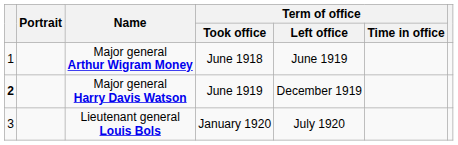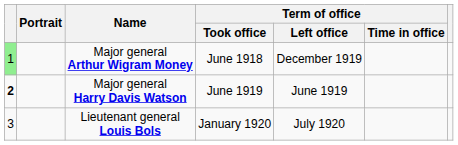 <table class="wikitable" style="text-align:center">
 <tr>
 <th rowspan=2></th>
 <th rowspan=2>Portrait</th>
 <th rowspan=2>Name<br></th>
 <th colspan=3>Term of office</th>
 <th rowspan=2></th>
 </tr>
 <tr>
 <th>Took office</th>
 <th>Left office</th>
 <th>Time in office</th>
 </tr>
 <tr>
-<td>1</td>
+<td style="background: lightgreen;">1</td>
 <td></td>
 <td>Major general<br><strong><a href='#'>Arthur Wigram Money</a></strong><br></td>
 <td>June 1918</td>
-<td>June 1919</td>
+<td>December 1919</td>
 <td></td>
 <td></td>
 </tr>
 <tr>
 <td><strong>2</strong></td>
 <td></td>
 <td>Major general<br><strong><a href='#'>Harry Davis Watson</a></strong><br></td>
 <td>June 1919</td>
-<td>December 1919</td>
+<td>June 1919</td>
 <td></td>
 <td></td>
 </tr>
 <tr>
 <td>3</td>
 <td></td>
 <td>Lieutenant general<br><strong><a href='#'>Louis Bols</a></strong><br></td>
 <td>January 1920</td>
 <td>July 1920</td>
 <td></td>
 <td></td>
 </tr>
 </table>
